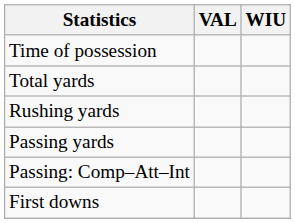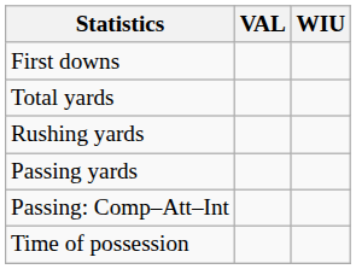 <table class="wikitable" style="float: left;">
 <tr>
 <th>Statistics</th>
 <th>VAL</th>
 <th>WIU</th>
 </tr>
 <tr>
-<td>Time of possession</td>
+<td>First downs</td>
 <td></td>
 <td></td>
 </tr>
 <tr>
 <td>Total yards</td>
 <td></td>
 <td></td>
 </tr>
 <tr>
 <td>Rushing yards</td>
 <td></td>
 <td></td>
 </tr>
 <tr>
 <td>Passing yards</td>
 <td></td>
 <td></td>
 </tr>
 <tr>
 <td>Passing: Comp–Att–Int</td>
 <td></td>
 <td></td>
 </tr>
 <tr>
-<td>First downs</td>
+<td>Time of possession</td>
 <td></td>
 <td></td>
 </tr>
 <tr>
 </tr>
 </table>
